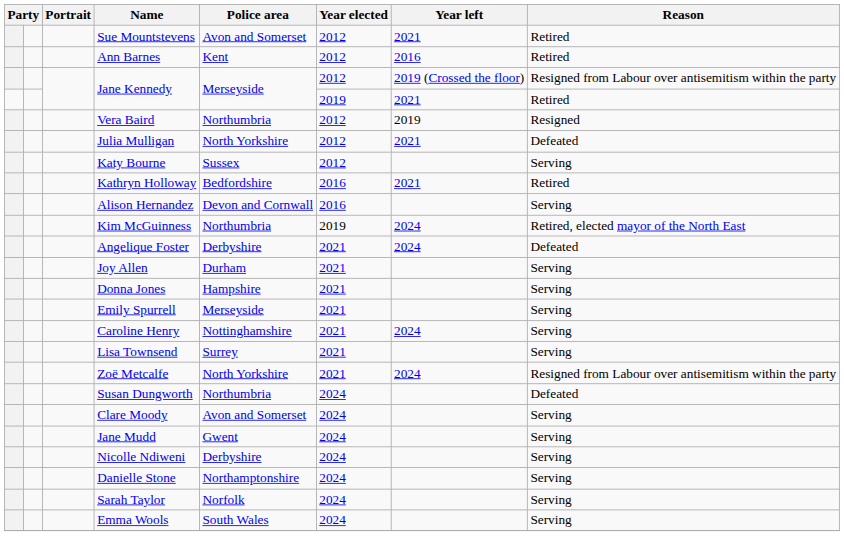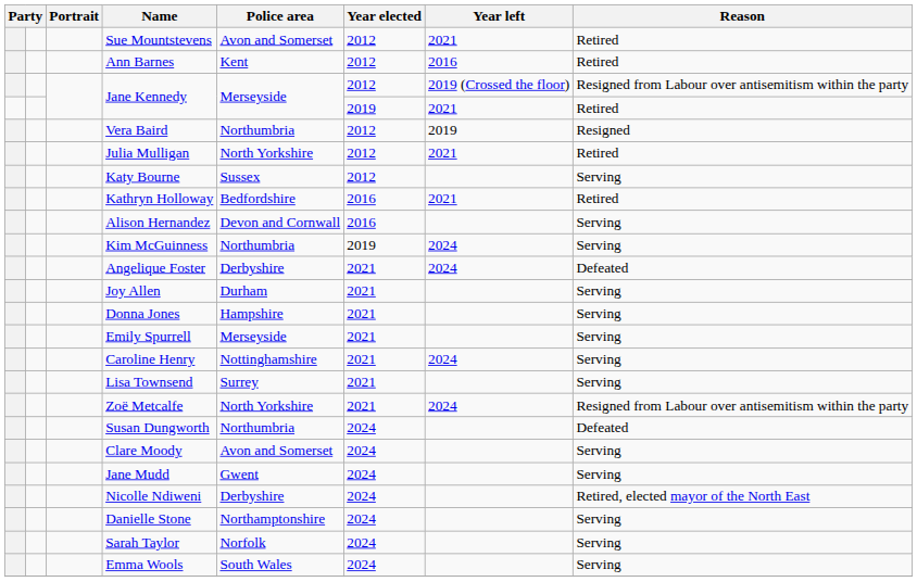 <table class="wikitable sortable">
 <tr>
 <th colspan=2>Party</th>
 <th>Portrait</th>
 <th>Name</th>
 <th>Police area</th>
 <th>Year elected</th>
 <th>Year left</th>
 <th>Reason</th>
 </tr>
 <tr>
 <th style="background-color: "></th>
 <td></td>
 <td></td>
 <td data-sort-value="Mountstevens, Sue"><a href='#'>Sue Mountstevens</a></td>
 <td><a href='#'>Avon and Somerset</a></td>
 <td><a href='#'>2012</a></td>
 <td><a href='#'>2021</a></td>
 <td>Retired</td>
 </tr>
 <tr>
 <th style="background-color: "></th>
 <td></td>
 <td></td>
 <td data-sort-value="Barnes, Ann"><a href='#'>Ann Barnes</a></td>
 <td><a href='#'>Kent</a></td>
 <td><a href='#'>2012</a></td>
 <td><a href='#'>2016</a></td>
 <td>Retired</td>
 </tr>
 <tr>
 <th style="background-color: "></th>
 <td></td>
 <td rowspan="2"></td>
 <td rowspan="2"><a href='#'>Jane Kennedy</a></td>
 <td rowspan="2"><a href='#'>Merseyside</a></td>
 <td><a href='#'>2012</a></td>
 <td><a href='#'>2019</a> (<a href='#'>Crossed the floor</a>)</td>
 <td>Resigned from Labour over antisemitism within the party</td>
 </tr>
 <tr>
 <td style="background-color: "></td>
 <td></td>
 <td><a href='#'>2019</a></td>
 <td><a href='#'>2021</a></td>
 <td>Retired</td>
 </tr>
 <tr>
 <th style="background-color: "></th>
 <td></td>
 <td></td>
 <td data-sort-value="Baird, Vera"><a href='#'>Vera Baird</a></td>
 <td><a href='#'>Northumbria</a></td>
 <td><a href='#'>2012</a></td>
 <td>2019</td>
 <td>Resigned</td>
 </tr>
 <tr>
 <th style="background-color: "></th>
 <td></td>
 <td></td>
 <td data-sort-value="Mulligan, Julia"><a href='#'>Julia Mulligan</a></td>
 <td><a href='#'>North Yorkshire</a></td>
 <td><a href='#'>2012</a></td>
 <td><a href='#'>2021</a></td>
-<td>Defeated</td>
+<td>Retired</td>
 </tr>
 <tr>
 <th style="background-color: "></th>
 <td></td>
 <td></td>
 <td data-sort-value="Bourne, Katy"><a href='#'>Katy Bourne</a></td>
 <td><a href='#'>Sussex</a></td>
 <td><a href='#'>2012</a></td>
 <td></td>
 <td>Serving</td>
 </tr>
 <tr>
 <th style="background-color: "></th>
 <td></td>
 <td></td>
 <td data-sort-value="Holloway, Kathryn"><a href='#'>Kathryn Holloway</a></td>
 <td><a href='#'>Bedfordshire</a></td>
 <td><a href='#'>2016</a></td>
 <td><a href='#'>2021</a></td>
 <td>Retired</td>
 </tr>
 <tr>
 <th style="background-color: "></th>
 <td></td>
 <td></td>
 <td data-sort-value="Hernandez, Alison"><a href='#'>Alison Hernandez</a></td>
 <td><a href='#'>Devon and Cornwall</a></td>
 <td><a href='#'>2016</a></td>
 <td></td>
 <td>Serving</td>
 </tr>
 <tr>
 <th style="background-color: "></th>
 <td></td>
 <td></td>
 <td data-sort-value="McGuinness, Kim"><a href='#'>Kim McGuinness</a></td>
 <td><a href='#'>Northumbria</a></td>
 <td>2019</td>
 <td><a href='#'>2024</a></td>
-<td>Retired, elected <a href='#'>mayor of the North East</a></td>
+<td>Serving</td>
 </tr>
 <tr>
 <th style="background-color: "></th>
 <td></td>
 <td></td>
 <td data-sort-value="Foster, Angelique"><a href='#'>Angelique Foster</a></td>
 <td><a href='#'>Derbyshire</a></td>
 <td><a href='#'>2021</a></td>
 <td><a href='#'>2024</a></td>
 <td>Defeated</td>
 </tr>
 <tr>
 <th style="background-color: "></th>
 <td></td>
 <td></td>
 <td data-sort-value="Allen, Joy"><a href='#'>Joy Allen</a></td>
 <td><a href='#'>Durham</a></td>
 <td><a href='#'>2021</a></td>
 <td></td>
 <td>Serving</td>
 </tr>
 <tr>
 <th style="background-color: "></th>
 <td></td>
 <td></td>
 <td data-sort-value="Jones, Donna"><a href='#'>Donna Jones</a></td>
 <td><a href='#'>Hampshire</a></td>
 <td><a href='#'>2021</a></td>
 <td></td>
 <td>Serving</td>
 </tr>
 <tr>
 <th style="background-color: "></th>
 <td></td>
 <td></td>
 <td data-sort-value="Spurrell, Emily"><a href='#'>Emily Spurrell</a></td>
 <td><a href='#'>Merseyside</a></td>
 <td><a href='#'>2021</a></td>
 <td></td>
 <td>Serving</td>
 </tr>
 <tr>
 <th style="background-color: "></th>
 <td></td>
 <td></td>
 <td data-sort-value="Henry, Caroline"><a href='#'>Caroline Henry</a></td>
 <td><a href='#'>Nottinghamshire</a></td>
 <td><a href='#'>2021</a></td>
 <td><a href='#'>2024</a></td>
 <td>Serving</td>
 </tr>
 <tr>
 <th style="background-color: "></th>
 <td></td>
 <td></td>
 <td data-sort-value="Townsend, Lisa"><a href='#'>Lisa Townsend</a></td>
 <td><a href='#'>Surrey</a></td>
 <td><a href='#'>2021</a></td>
 <td></td>
 <td>Serving</td>
 </tr>
 <tr>
 <th style="background-color: "></th>
 <td></td>
 <td></td>
 <td data-sort-value="Metcalfe, Zoe"><a href='#'>Zoë Metcalfe</a></td>
 <td><a href='#'>North Yorkshire</a></td>
 <td><a href='#'>2021</a></td>
 <td><a href='#'>2024</a></td>
 <td>Resigned from Labour over antisemitism within the party</td>
 </tr>
 <tr>
 <th style="background-color: "></th>
 <td></td>
 <td></td>
 <td data-sort-value="Dungworth, Susan"><a href='#'>Susan Dungworth</a></td>
 <td><a href='#'>Northumbria</a></td>
 <td><a href='#'>2024</a></td>
 <td></td>
 <td>Defeated</td>
 </tr>
 <tr>
 <th style="background-color: "></th>
 <td></td>
 <td></td>
 <td data-sort-value="Moody, Clare"><a href='#'>Clare Moody</a></td>
 <td><a href='#'>Avon and Somerset</a></td>
 <td><a href='#'>2024</a></td>
 <td></td>
 <td>Serving</td>
 </tr>
 <tr>
 <th style="background-color: "></th>
 <td></td>
 <td></td>
 <td data-sort-value="Mudd, Jane"><a href='#'>Jane Mudd</a></td>
 <td><a href='#'>Gwent</a></td>
 <td><a href='#'>2024</a></td>
 <td></td>
 <td>Serving</td>
 </tr>
 <tr>
 <th style="background-color: "></th>
 <td></td>
 <td></td>
 <td data-sort-value="Ndiweni, Nicolle"><a href='#'>Nicolle Ndiweni</a></td>
 <td><a href='#'>Derbyshire</a></td>
 <td><a href='#'>2024</a></td>
 <td></td>
-<td>Serving</td>
+<td>Retired, elected <a href='#'>mayor of the North East</a></td>
 </tr>
 <tr>
 <th style="background-color: "></th>
 <td></td>
 <td></td>
 <td data-sort-value="Stone, Danielle"><a href='#'>Danielle Stone</a></td>
 <td><a href='#'>Northamptonshire</a></td>
 <td><a href='#'>2024</a></td>
 <td></td>
 <td>Serving</td>
 </tr>
 <tr>
 <th style="background-color: "></th>
 <td></td>
 <td></td>
 <td data-sort-value="Taylor, Sarah"><a href='#'>Sarah Taylor</a></td>
 <td><a href='#'>Norfolk</a></td>
 <td><a href='#'>2024</a></td>
 <td></td>
 <td>Serving</td>
 </tr>
 <tr>
 <th style="background-color: "></th>
 <td></td>
 <td></td>
 <td data-sort-value="Wools, Emma"><a href='#'>Emma Wools</a></td>
 <td><a href='#'>South Wales</a></td>
 <td><a href='#'>2024</a></td>
 <td></td>
 <td>Serving</td>
 </tr>
 <tr>
 </tr>
 </table>
